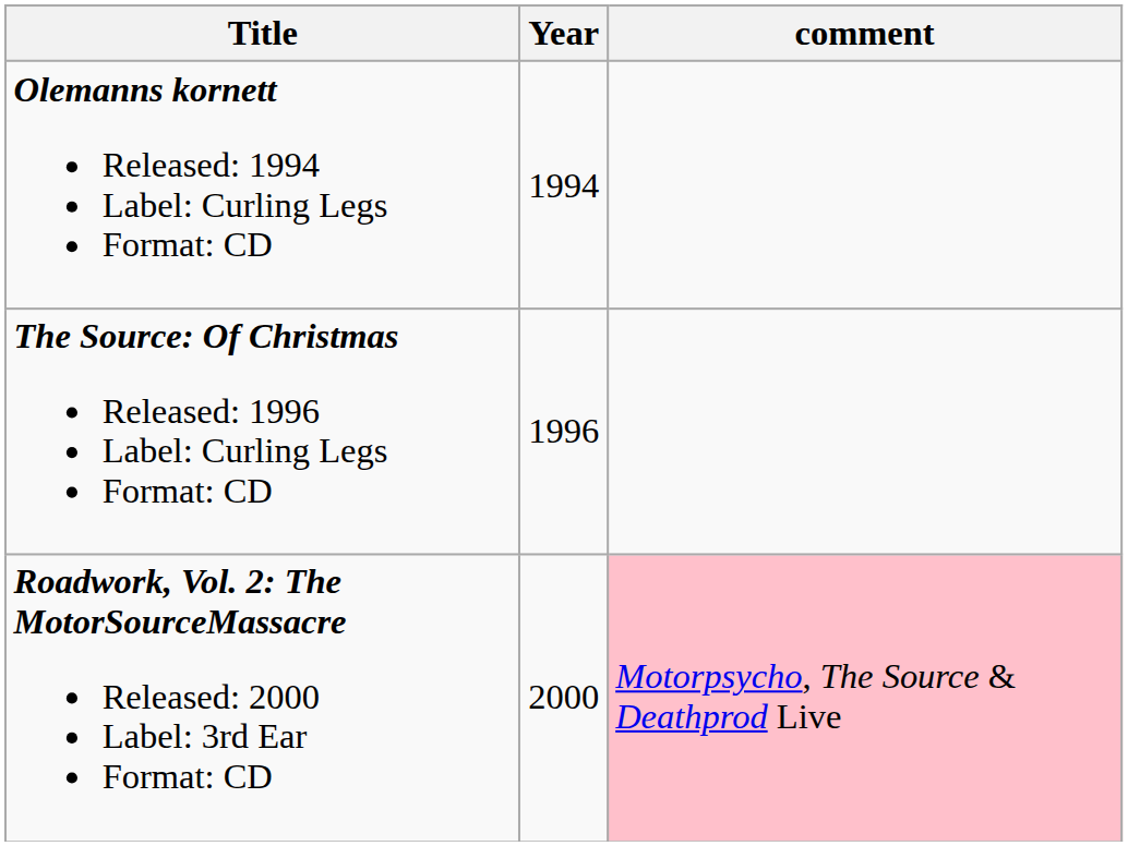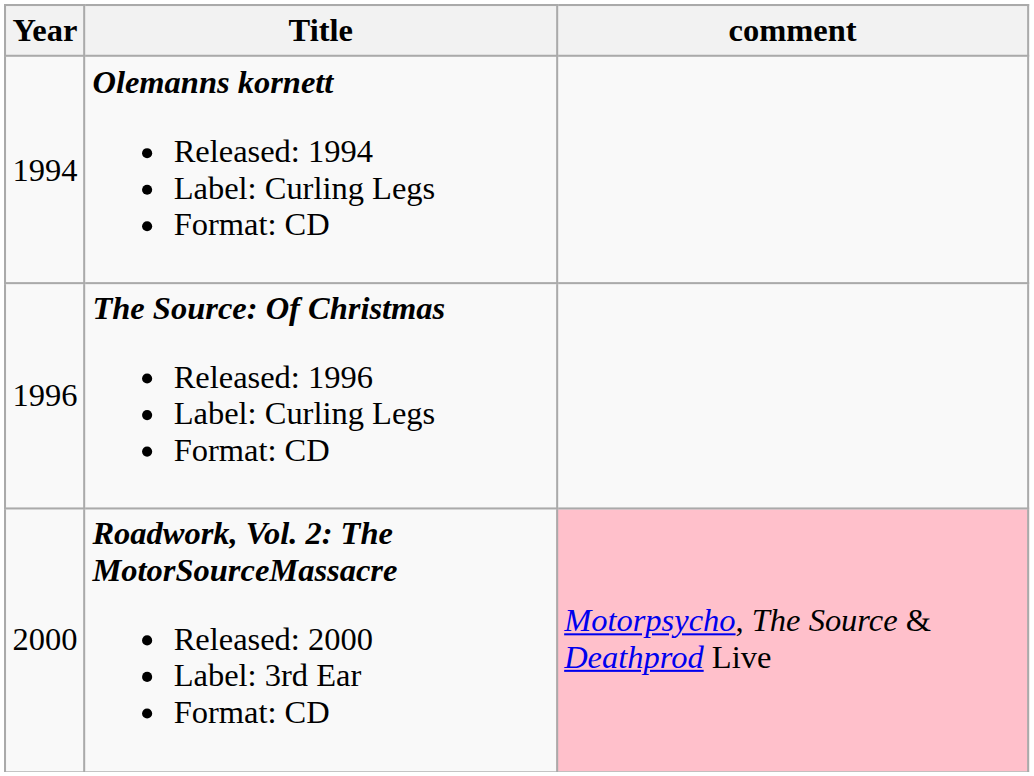 <table class="wikitable">
 <tr>
+<th>Year</th>
 <th style="width:225px;">Title</th>
-<th>Year</th>
 <th style="width:225px;">comment</th>
 </tr>
 <tr>
+<td>1994</td>
 <td><strong><em>Olemanns kornett</em></strong><br><ul><li>Released: 1994</li><li>Label: Curling Legs </li><li>Format: CD</li></ul></td>
-<td>1994</td>
 <td></td>
 </tr>
 <tr>
+<td>1996</td>
 <td><strong><em>The Source: Of Christmas</em></strong><br><ul><li>Released: 1996</li><li>Label: Curling Legs </li><li>Format: CD</li></ul></td>
-<td>1996</td>
 <td></td>
 </tr>
 <tr>
+<td>2000</td>
 <td style="width:225px;"><strong><em>Roadwork, Vol. 2: The MotorSourceMassacre</em></strong><br><ul><li>Released: 2000</li><li>Label: 3rd Ear </li><li>Format: CD</li></ul></td>
-<td>2000</td>
 <td style="background: pink; width:225px;"><em><a href='#'>Motorpsycho</a></em>, <em>The Source</em> & <em><a href='#'>Deathprod</a></em> Live</td>
 </tr>
 </table>
